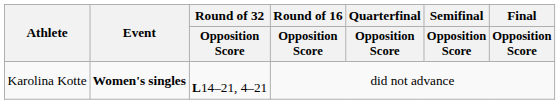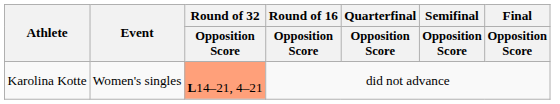 <table class="wikitable" style="font-size:90%">
 <tr>
 <th rowspan=2>Athlete</th>
 <th rowspan=2>Event</th>
 <th>Round of 32</th>
 <th>Round of 16</th>
 <th>Quarterfinal</th>
 <th>Semifinal</th>
 <th colspan=2>Final</th>
 </tr>
 <tr style="font-size:95%">
 <th>Opposition<br>Score</th>
 <th>Opposition<br>Score</th>
 <th>Opposition<br>Score</th>
 <th>Opposition<br>Score</th>
 <th>Opposition<br>Score</th>
 </tr>
 <tr align=center>
 <td align=left>Karolina Kotte</td>
-<td align=left><strong>Women's singles</strong></td>
-<td><br><strong>L</strong>14–21, 4–21</td>
+<td align=left>Women's singles</td>
+<td style="background: lightsalmon;"><br><strong>L</strong>14–21, 4–21</td>
 <td colspan=4>did not advance</td>
 </tr>
 </table>
